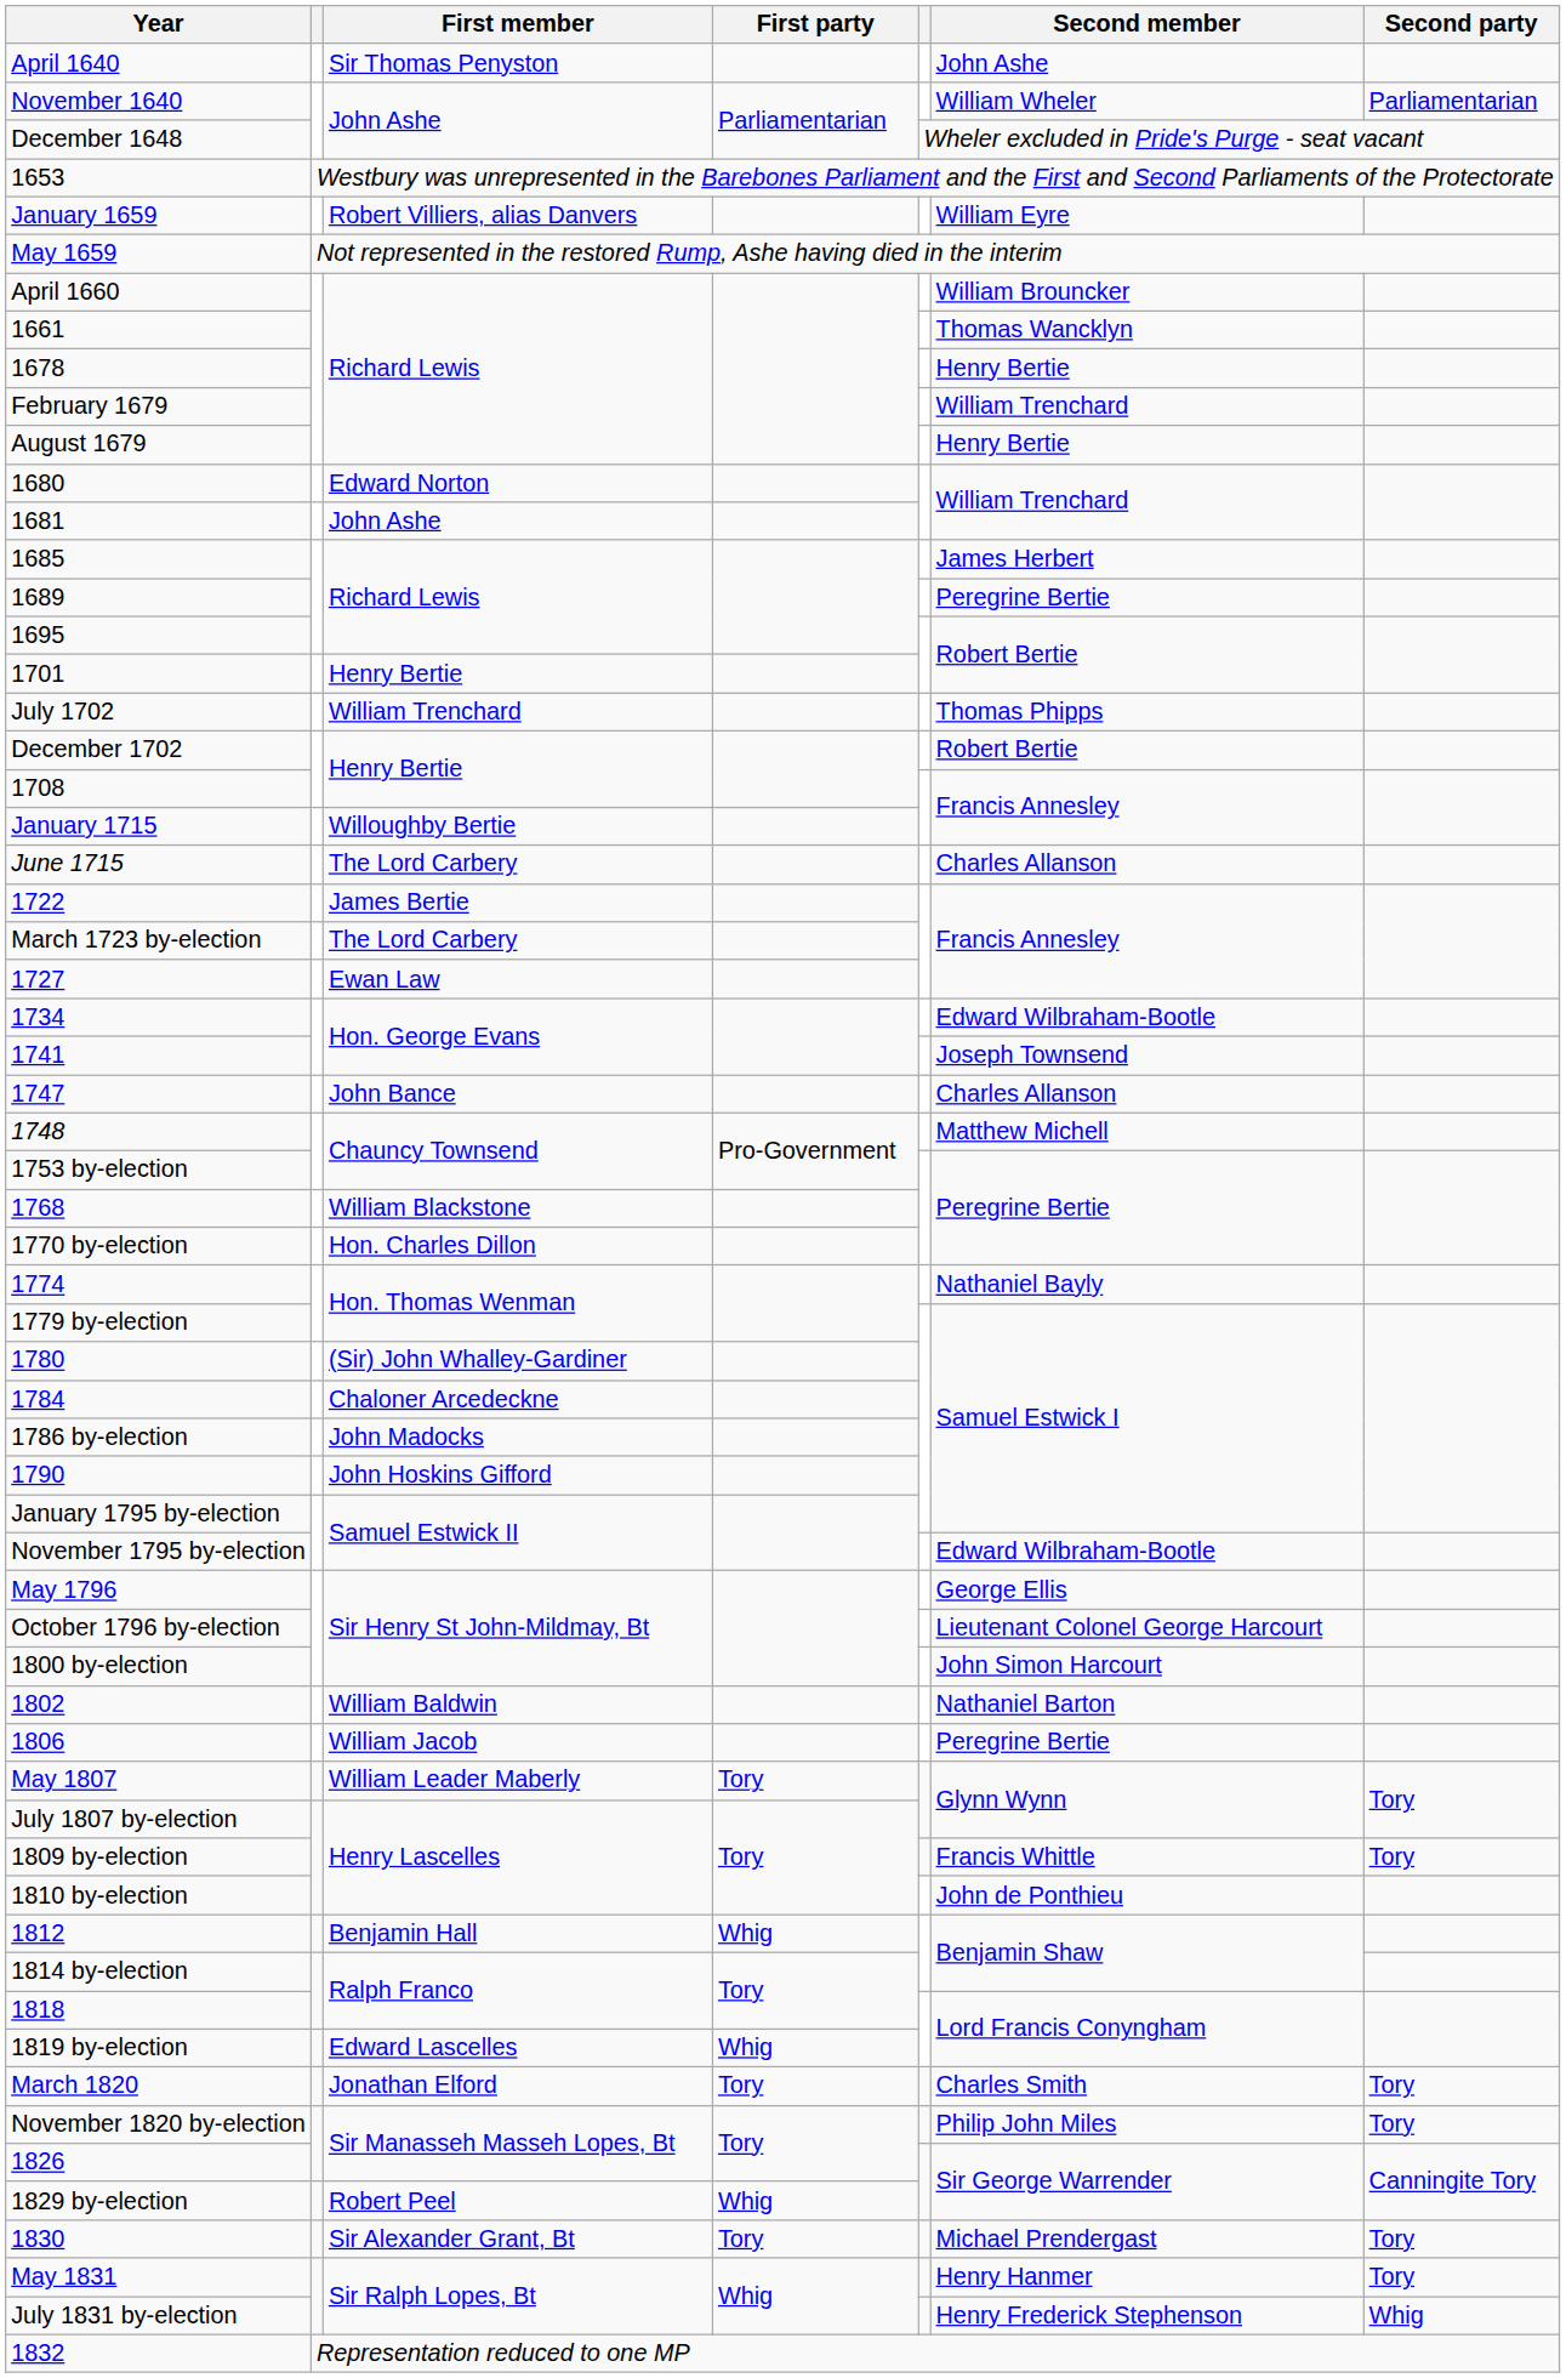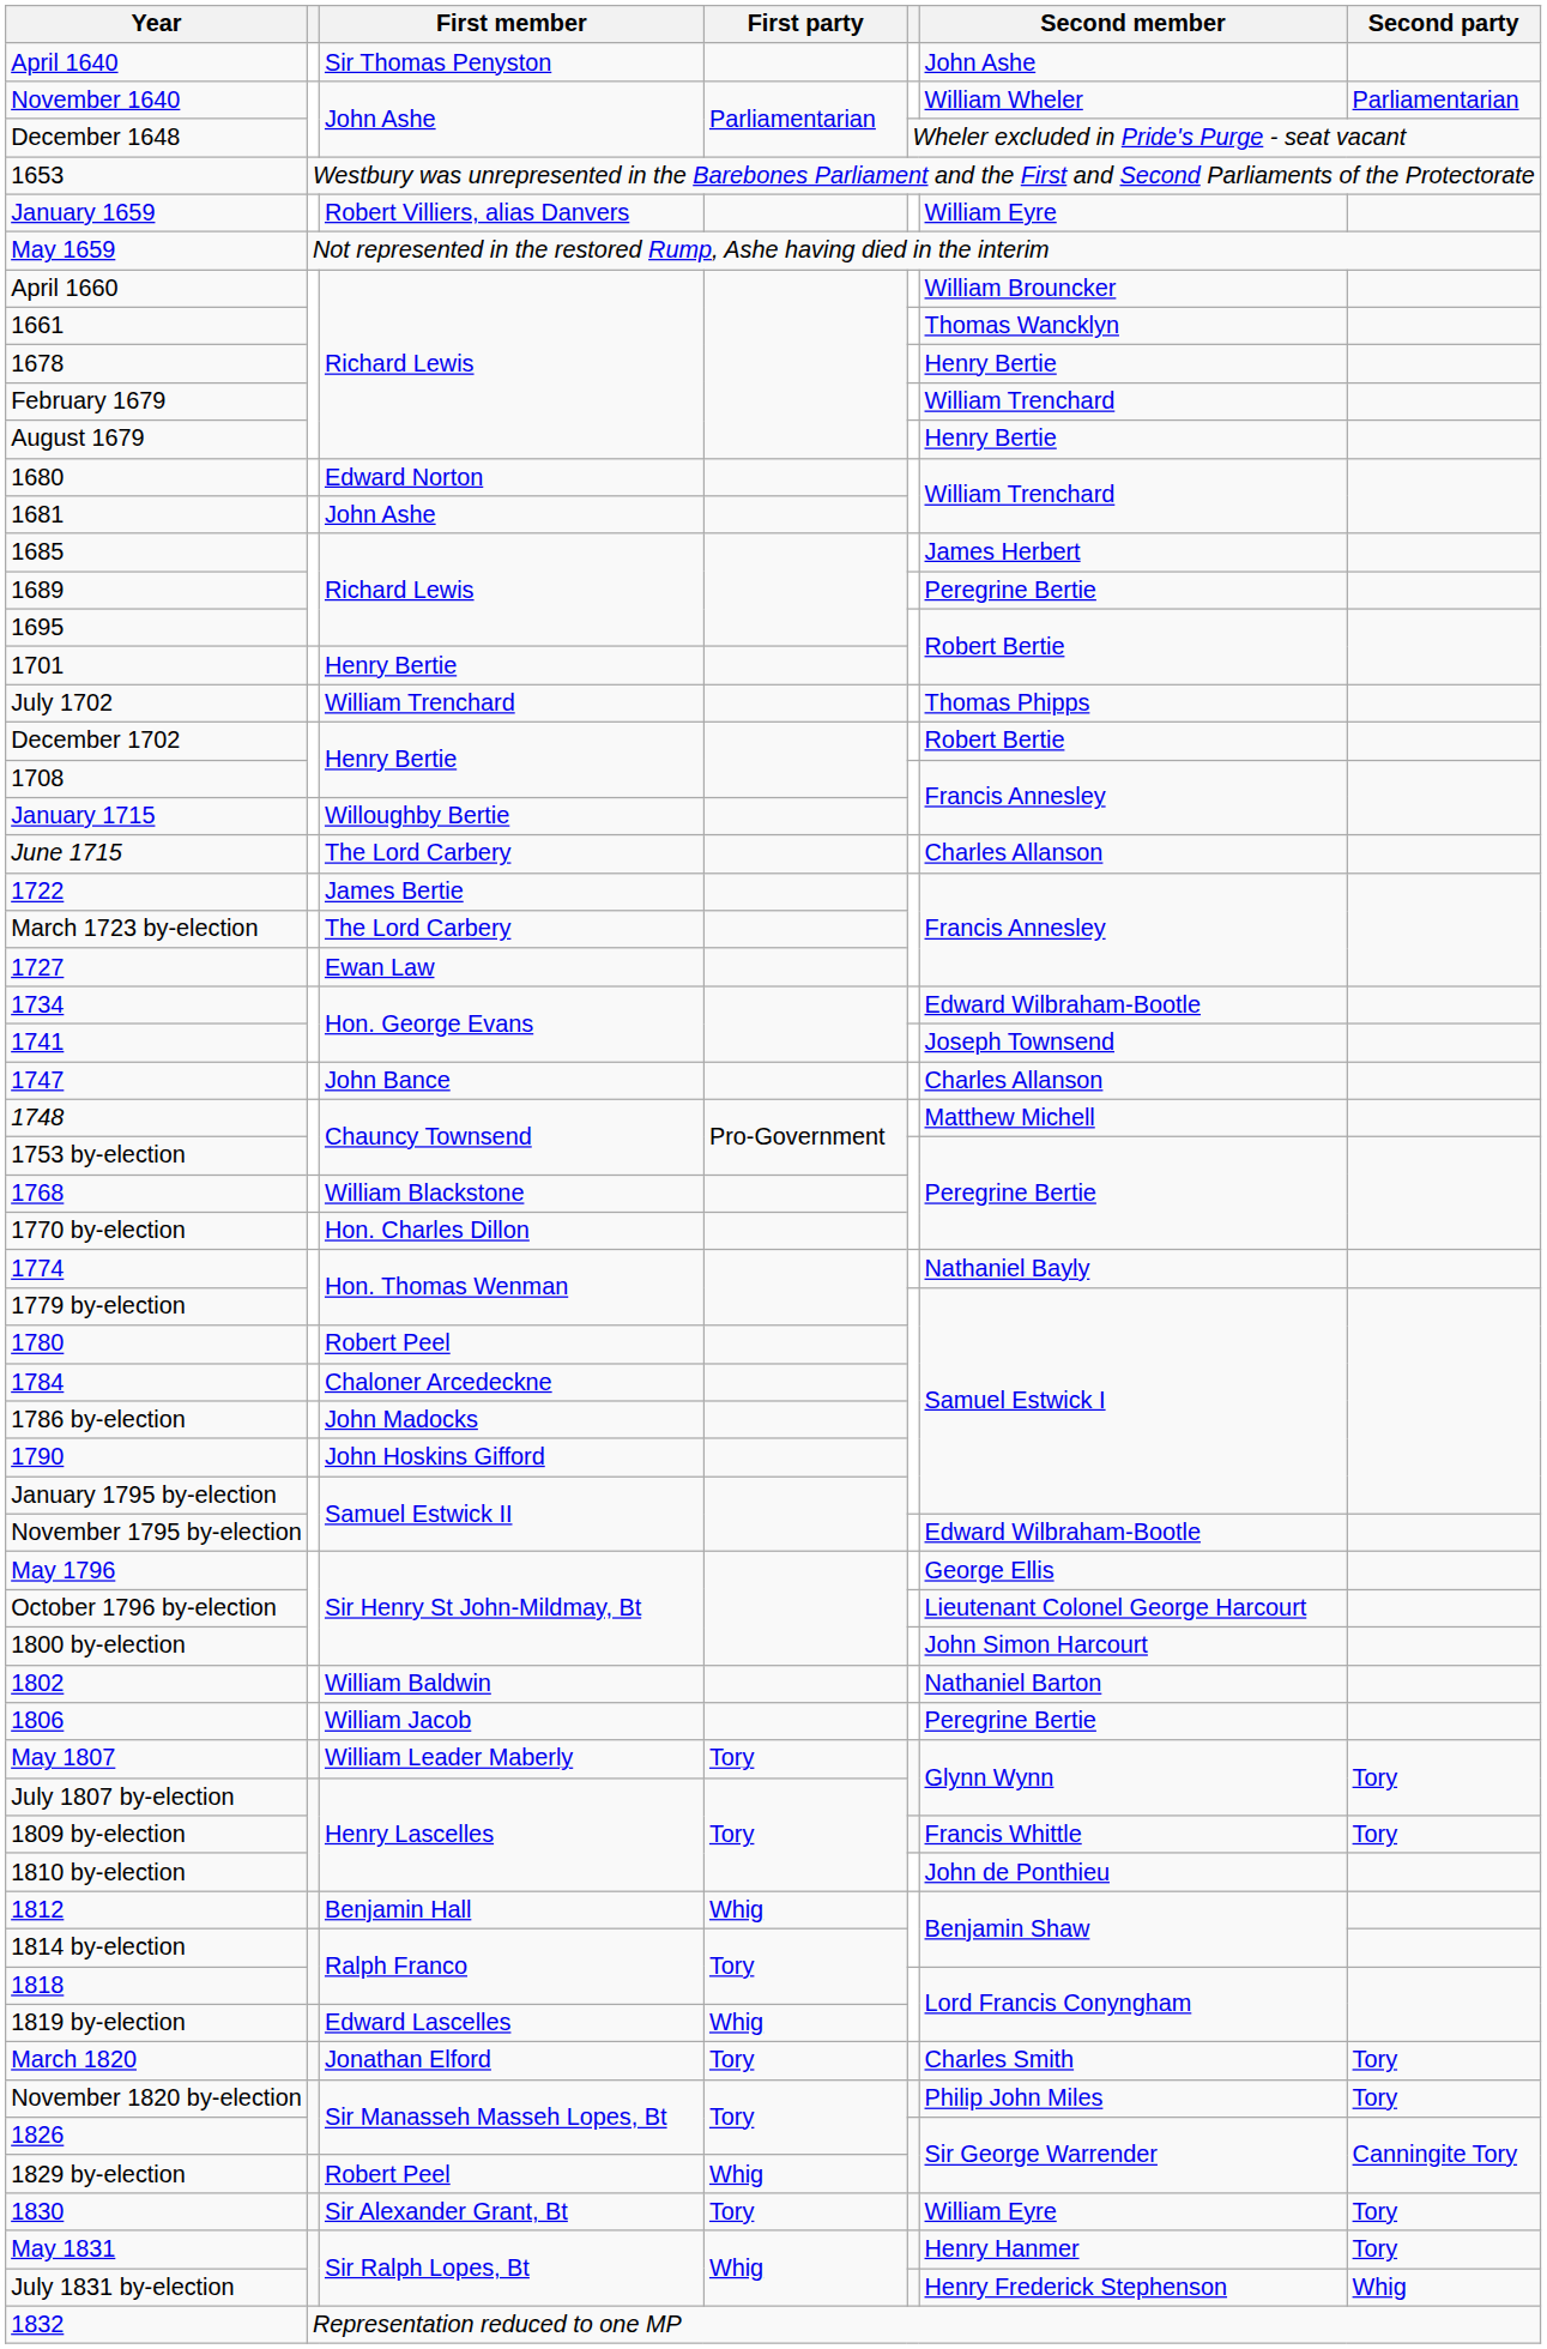 <table class="wikitable">
 <tr>
 <th>Year</th>
 <th></th>
 <th>First member</th>
 <th>First party</th>
 <th></th>
 <th>Second member</th>
 <th>Second party</th>
 </tr>
 <tr>
 <td><a href='#'>April 1640</a></td>
 <td style="color:inherit;background-color: white"></td>
 <td><a href='#'>Sir Thomas Penyston</a></td>
 <td></td>
 <td style="color:inherit;background-color: white"></td>
 <td><a href='#'>John Ashe</a></td>
 <td></td>
 </tr>
 <tr>
 <td><a href='#'>November 1640</a></td>
 <td rowspan="2" style="color:inherit;background-color: white"></td>
 <td rowspan="2"><a href='#'>John Ashe</a></td>
 <td rowspan="2"><a href='#'>Parliamentarian</a></td>
 <td style="color:inherit;background-color: white"></td>
 <td><a href='#'>William Wheler</a></td>
 <td><a href='#'>Parliamentarian</a></td>
 </tr>
 <tr>
 <td>December 1648</td>
 <td colspan="3"><em>Wheler excluded in <a href='#'>Pride's Purge</a> - seat vacant</em></td>
 </tr>
 <tr>
 <td>1653</td>
 <td colspan="6"><em>Westbury was unrepresented in the <a href='#'>Barebones Parliament</a> and the <a href='#'>First</a> and <a href='#'>Second</a> Parliaments of the Protectorate</em></td>
 </tr>
 <tr>
 <td><a href='#'>January 1659</a></td>
 <td style="color:inherit;background-color: white"></td>
 <td><a href='#'>Robert Villiers, alias Danvers</a></td>
 <td></td>
 <td style="color:inherit;background-color: white"></td>
 <td><a href='#'>William Eyre</a></td>
 <td></td>
 </tr>
 <tr>
 <td><a href='#'>May 1659</a></td>
 <td colspan="6"><em>Not represented in the restored <a href='#'>Rump</a>, Ashe having died in the interim</em></td>
 </tr>
 <tr>
 <td>April 1660</td>
 <td rowspan="5" style="color:inherit;background-color: white"></td>
 <td rowspan="5"><a href='#'>Richard Lewis</a></td>
 <td rowspan="5"></td>
 <td style="color:inherit;background-color: white"></td>
 <td><a href='#'>William Brouncker</a></td>
 <td></td>
 </tr>
 <tr>
 <td>1661</td>
 <td style="color:inherit;background-color: white"></td>
 <td><a href='#'>Thomas Wancklyn</a></td>
 <td></td>
 </tr>
 <tr>
 <td>1678</td>
 <td style="color:inherit;background-color: white"></td>
 <td><a href='#'>Henry Bertie</a></td>
 <td></td>
 </tr>
 <tr>
 <td>February 1679</td>
 <td style="color:inherit;background-color: white"></td>
 <td><a href='#'>William Trenchard</a></td>
 <td></td>
 </tr>
 <tr>
 <td>August 1679</td>
 <td style="color:inherit;background-color: white"></td>
 <td><a href='#'>Henry Bertie</a></td>
 <td></td>
 </tr>
 <tr>
 <td>1680</td>
 <td style="color:inherit;background-color: white"></td>
 <td><a href='#'>Edward Norton</a></td>
 <td></td>
 <td rowspan="2" style="color:inherit;background-color: white"></td>
 <td rowspan="2"><a href='#'>William Trenchard</a></td>
 <td rowspan="2"></td>
 </tr>
 <tr>
 <td>1681</td>
 <td style="color:inherit;background-color: white"></td>
 <td><a href='#'>John Ashe</a></td>
 <td></td>
 </tr>
 <tr>
 <td>1685</td>
 <td rowspan="3" style="color:inherit;background-color: white"></td>
 <td rowspan="3"><a href='#'>Richard Lewis</a></td>
 <td rowspan="3"></td>
 <td style="color:inherit;background-color: white"></td>
 <td><a href='#'>James Herbert</a></td>
 <td></td>
 </tr>
 <tr>
 <td>1689</td>
 <td style="color:inherit;background-color: white"></td>
 <td><a href='#'>Peregrine Bertie</a></td>
 <td></td>
 </tr>
 <tr>
 <td>1695</td>
 <td rowspan="2" style="color:inherit;background-color: white"></td>
 <td rowspan="2"><a href='#'>Robert Bertie</a></td>
 <td rowspan="2"></td>
 </tr>
 <tr>
 <td>1701</td>
 <td style="color:inherit;background-color: white"></td>
 <td><a href='#'>Henry Bertie</a></td>
 <td></td>
 </tr>
 <tr>
 <td>July 1702 </td>
 <td style="color:inherit;background-color: white"></td>
 <td><a href='#'>William Trenchard</a></td>
 <td></td>
 <td style="color:inherit;background-color: white"></td>
 <td><a href='#'>Thomas Phipps</a></td>
 <td></td>
 </tr>
 <tr>
 <td>December 1702 </td>
 <td rowspan="2" style="color:inherit;background-color: white"></td>
 <td rowspan="2"><a href='#'>Henry Bertie</a></td>
 <td rowspan="2"></td>
 <td style="color:inherit;background-color: white"></td>
 <td><a href='#'>Robert Bertie</a></td>
 <td></td>
 </tr>
 <tr>
 <td>1708</td>
 <td rowspan="2" style="color:inherit;background-color: white"></td>
 <td rowspan="2"><a href='#'>Francis Annesley</a></td>
 <td rowspan="2"></td>
 </tr>
 <tr>
 <td><a href='#'>January 1715</a></td>
 <td style="color:inherit;background-color: white"></td>
 <td><a href='#'>Willoughby Bertie</a></td>
 <td></td>
 </tr>
 <tr>
 <td><em>June 1715</em> </td>
 <td style="color:inherit;background-color: white"></td>
 <td><a href='#'>The Lord Carbery</a></td>
 <td></td>
 <td style="color:inherit;background-color: white"></td>
 <td><a href='#'>Charles Allanson</a></td>
 <td></td>
 </tr>
 <tr>
 <td><a href='#'>1722</a></td>
 <td style="color:inherit;background-color: white"></td>
 <td><a href='#'>James Bertie</a></td>
 <td></td>
 <td rowspan="3" style="color:inherit;background-color: white"></td>
 <td rowspan="3"><a href='#'>Francis Annesley</a></td>
 <td rowspan="3"></td>
 </tr>
 <tr>
 <td>March 1723 by-election </td>
 <td style="color:inherit;background-color: white"></td>
 <td><a href='#'>The Lord Carbery</a></td>
 <td></td>
 </tr>
 <tr>
 <td><a href='#'>1727</a></td>
 <td style="color:inherit;background-color: white"></td>
 <td><a href='#'>Ewan Law</a></td>
 <td></td>
 </tr>
 <tr>
 <td><a href='#'>1734</a></td>
 <td rowspan="2" style="color:inherit;background-color: white"></td>
 <td rowspan="2"><a href='#'>Hon. George Evans</a></td>
 <td rowspan="2"></td>
 <td style="color:inherit;background-color: white"></td>
 <td><a href='#'>Edward Wilbraham-Bootle</a></td>
 <td></td>
 </tr>
 <tr>
 <td><a href='#'>1741</a></td>
 <td style="color:inherit;background-color: white"></td>
 <td><a href='#'>Joseph Townsend</a></td>
 <td></td>
 </tr>
 <tr>
 <td><a href='#'>1747</a></td>
 <td style="color:inherit;background-color: white"></td>
 <td><a href='#'>John Bance</a></td>
 <td></td>
 <td style="color:inherit;background-color: white"></td>
 <td><a href='#'>Charles Allanson</a></td>
 <td></td>
 </tr>
 <tr>
 <td><em>1748</em> </td>
 <td rowspan="2" style="color:inherit;background-color: white"></td>
 <td rowspan="2"><a href='#'>Chauncy Townsend</a></td>
 <td rowspan="2">Pro-Government</td>
 <td style="color:inherit;background-color: white"></td>
 <td><a href='#'>Matthew Michell</a></td>
 <td></td>
 </tr>
 <tr>
 <td>1753 by-election </td>
 <td rowspan="3" style="color:inherit;background-color: white"></td>
 <td rowspan="3"><a href='#'>Peregrine Bertie</a></td>
 <td rowspan="3"></td>
 </tr>
 <tr>
 <td><a href='#'>1768</a></td>
 <td style="color:inherit;background-color: white"></td>
 <td><a href='#'>William Blackstone</a></td>
 <td></td>
 </tr>
 <tr>
 <td>1770 by-election </td>
 <td style="color:inherit;background-color: white"></td>
 <td><a href='#'>Hon. Charles Dillon</a></td>
 <td></td>
 </tr>
 <tr>
 <td><a href='#'>1774</a></td>
 <td rowspan="2" style="color:inherit;background-color: white"></td>
 <td rowspan="2"><a href='#'>Hon. Thomas Wenman</a></td>
 <td rowspan="2"></td>
 <td style="color:inherit;background-color: white"></td>
 <td><a href='#'>Nathaniel Bayly</a></td>
 <td></td>
 </tr>
 <tr>
 <td>1779 by-election</td>
 <td rowspan="6" style="color:inherit;background-color: white"></td>
 <td rowspan="6"><a href='#'>Samuel Estwick I</a></td>
 <td rowspan="6"></td>
 </tr>
 <tr>
 <td><a href='#'>1780</a></td>
 <td style="color:inherit;background-color: white"></td>
-<td><a href='#'>(Sir) John Whalley-Gardiner</a></td>
+<td><a href='#'>Robert Peel</a></td>
 <td></td>
 </tr>
 <tr>
 <td><a href='#'>1784</a></td>
 <td style="color:inherit;background-color: white"></td>
 <td><a href='#'>Chaloner Arcedeckne</a></td>
 <td></td>
 </tr>
 <tr>
 <td>1786 by-election</td>
 <td style="color:inherit;background-color: white"></td>
 <td><a href='#'>John Madocks</a></td>
 <td></td>
 </tr>
 <tr>
 <td><a href='#'>1790</a></td>
 <td style="color:inherit;background-color: white"></td>
 <td><a href='#'>John Hoskins Gifford</a></td>
 <td></td>
 </tr>
 <tr>
 <td>January 1795 by-election</td>
 <td rowspan="2" style="color:inherit;background-color: white"></td>
 <td rowspan="2"><a href='#'>Samuel Estwick II</a></td>
 <td rowspan="2"></td>
 </tr>
 <tr>
 <td>November 1795 by-election</td>
 <td style="color:inherit;background-color: white"></td>
 <td><a href='#'>Edward Wilbraham-Bootle</a></td>
 <td></td>
 </tr>
 <tr>
 <td><a href='#'>May 1796</a></td>
 <td rowspan="3" style="color:inherit;background-color: white"></td>
 <td rowspan="3"><a href='#'>Sir Henry St John-Mildmay, Bt</a></td>
 <td rowspan="3"></td>
 <td style="color:inherit;background-color: white"></td>
 <td><a href='#'>George Ellis</a></td>
 <td></td>
 </tr>
 <tr>
 <td>October 1796 by-election</td>
 <td style="color:inherit;background-color: white"></td>
 <td><a href='#'>Lieutenant Colonel George Harcourt</a></td>
 <td></td>
 </tr>
 <tr>
 <td>1800 by-election</td>
 <td style="color:inherit;background-color: white"></td>
 <td><a href='#'>John Simon Harcourt</a></td>
 <td></td>
 </tr>
 <tr>
 <td><a href='#'>1802</a></td>
 <td style="color:inherit;background-color: white"></td>
 <td><a href='#'>William Baldwin</a></td>
 <td></td>
 <td style="color:inherit;background-color: white"></td>
 <td><a href='#'>Nathaniel Barton</a></td>
 <td></td>
 </tr>
 <tr>
 <td><a href='#'>1806</a></td>
 <td style="color:inherit;background-color: white"></td>
 <td><a href='#'>William Jacob</a></td>
 <td></td>
 <td style="color:inherit;background-color: white"></td>
 <td><a href='#'>Peregrine Bertie</a></td>
 <td></td>
 </tr>
 <tr>
 <td><a href='#'>May 1807</a></td>
 <td style="color:inherit;background-color: "></td>
 <td><a href='#'>William Leader Maberly</a></td>
 <td><a href='#'>Tory</a></td>
 <td rowspan="2" style="color:inherit;background-color: "></td>
 <td rowspan="2"><a href='#'>Glynn Wynn</a></td>
 <td rowspan="2"><a href='#'>Tory</a></td>
 </tr>
 <tr>
 <td>July 1807 by-election</td>
 <td rowspan="3" style="color:inherit;background-color: "></td>
 <td rowspan="3"><a href='#'>Henry Lascelles</a></td>
 <td rowspan="3"><a href='#'>Tory</a></td>
 </tr>
 <tr>
 <td>1809 by-election</td>
 <td style="color:inherit;background-color: "></td>
 <td><a href='#'>Francis Whittle</a></td>
 <td><a href='#'>Tory</a></td>
 </tr>
 <tr>
 <td>1810 by-election</td>
 <td style="color:inherit;background-color: white"></td>
 <td><a href='#'>John de Ponthieu</a></td>
 <td></td>
 </tr>
 <tr>
 <td><a href='#'>1812</a></td>
 <td style="color:inherit;background-color: "></td>
 <td><a href='#'>Benjamin Hall</a></td>
 <td><a href='#'>Whig</a></td>
 <td rowspan="2" style="color:inherit;background-color: white"></td>
 <td rowspan="2"><a href='#'>Benjamin Shaw</a></td>
 <td></td>
 </tr>
 <tr>
 <td>1814 by-election</td>
 <td rowspan="2" style="color:inherit;background-color: "></td>
 <td rowspan="2"><a href='#'>Ralph Franco</a></td>
 <td rowspan="2"><a href='#'>Tory</a></td>
 </tr>
 <tr>
 <td><a href='#'>1818</a></td>
 <td rowspan="2" style="color:inherit;background-color: white"></td>
 <td rowspan="2"><a href='#'>Lord Francis Conyngham</a></td>
 <td rowspan="2"></td>
 </tr>
 <tr>
 <td>1819 by-election</td>
 <td style="color:inherit;background-color: "></td>
 <td><a href='#'>Edward Lascelles</a></td>
 <td><a href='#'>Whig</a></td>
 </tr>
 <tr>
 <td><a href='#'>March 1820</a></td>
 <td style="color:inherit;background-color: "></td>
 <td><a href='#'>Jonathan Elford</a></td>
 <td><a href='#'>Tory</a></td>
 <td style="color:inherit;background-color: "></td>
 <td><a href='#'>Charles Smith</a></td>
 <td><a href='#'>Tory</a></td>
 </tr>
 <tr>
 <td>November 1820 by-election</td>
 <td rowspan="2" style="color:inherit;background-color: "></td>
 <td rowspan="2"><a href='#'>Sir Manasseh Masseh Lopes, Bt</a></td>
 <td rowspan="2"><a href='#'>Tory</a></td>
 <td style="color:inherit;background-color: "></td>
 <td><a href='#'>Philip John Miles</a></td>
 <td><a href='#'>Tory</a></td>
 </tr>
 <tr>
 <td><a href='#'>1826</a></td>
 <td rowspan="2" style="color:inherit;background-color: "></td>
 <td rowspan="2"><a href='#'>Sir George Warrender</a></td>
 <td rowspan="2"><a href='#'>Canningite Tory</a></td>
 </tr>
 <tr>
 <td>1829 by-election</td>
 <td style="color:inherit;background-color: "></td>
 <td><a href='#'>Robert Peel</a></td>
 <td><a href='#'>Whig</a></td>
 </tr>
 <tr>
 <td><a href='#'>1830</a></td>
 <td style="color:inherit;background-color: "></td>
 <td><a href='#'>Sir Alexander Grant, Bt</a></td>
 <td><a href='#'>Tory</a></td>
 <td style="color:inherit;background-color: "></td>
-<td><a href='#'>Michael Prendergast</a></td>
+<td><a href='#'>William Eyre</a></td>
 <td><a href='#'>Tory</a></td>
 </tr>
 <tr>
 <td><a href='#'>May 1831</a></td>
 <td rowspan="2" style="color:inherit;background-color: "></td>
 <td rowspan="2"><a href='#'>Sir Ralph Lopes, Bt</a></td>
 <td rowspan="2"><a href='#'>Whig</a></td>
 <td style="color:inherit;background-color: "></td>
 <td><a href='#'>Henry Hanmer</a></td>
 <td><a href='#'>Tory</a></td>
 </tr>
 <tr>
 <td>July 1831 by-election</td>
 <td style="color:inherit;background-color: "></td>
 <td><a href='#'>Henry Frederick Stephenson</a></td>
 <td><a href='#'>Whig</a></td>
 </tr>
 <tr>
 <td><a href='#'>1832</a></td>
 <td colspan="6"><em>Representation reduced to one MP</em></td>
 </tr>
 </table>
